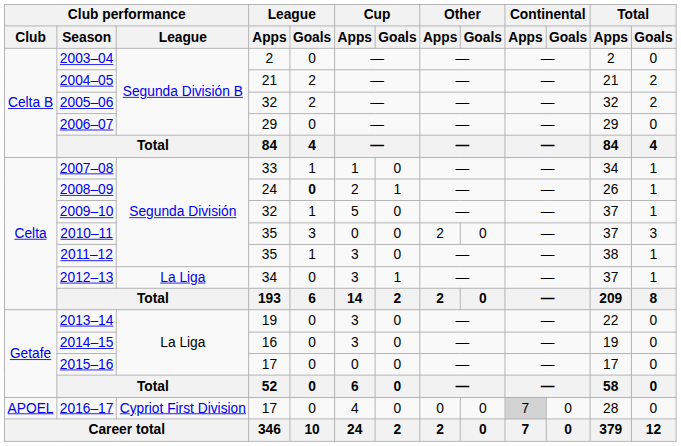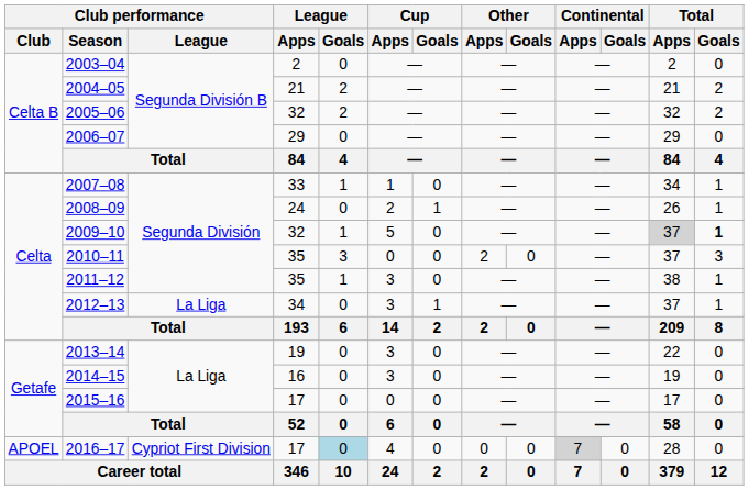 <table class="wikitable" style="text-align:center">
 <tr>
 <th colspan=3>Club performance</th>
 <th colspan=2>League</th>
 <th colspan=2>Cup</th>
 <th colspan=2>Other</th>
 <th colspan=2>Continental</th>
 <th colspan=2>Total</th>
 </tr>
 <tr>
 <th>Club</th>
 <th>Season</th>
 <th>League</th>
 <th>Apps</th>
 <th>Goals</th>
 <th>Apps</th>
 <th>Goals</th>
 <th>Apps</th>
 <th>Goals</th>
 <th>Apps</th>
 <th>Goals</th>
 <th>Apps</th>
 <th>Goals</th>
 </tr>
 <tr>
 <td rowspan="5"><a href='#'>Celta B</a></td>
 <td><a href='#'>2003–04</a></td>
 <td rowspan="4"><a href='#'>Segunda División B</a></td>
 <td>2</td>
 <td>0</td>
 <td colspan="2">—</td>
 <td colspan="2">—</td>
 <td colspan="2">—</td>
 <td>2</td>
 <td>0</td>
 </tr>
 <tr>
 <td><a href='#'>2004–05</a></td>
 <td>21</td>
 <td>2</td>
 <td colspan="2">—</td>
 <td colspan="2">—</td>
 <td colspan="2">—</td>
 <td>21</td>
 <td>2</td>
 </tr>
 <tr>
 <td><a href='#'>2005–06</a></td>
 <td>32</td>
 <td>2</td>
 <td colspan="2">—</td>
 <td colspan="2">—</td>
 <td colspan="2">—</td>
 <td>32</td>
 <td>2</td>
 </tr>
 <tr>
 <td><a href='#'>2006–07</a></td>
 <td>29</td>
 <td>0</td>
 <td colspan="2">—</td>
 <td colspan="2">—</td>
 <td colspan="2">—</td>
 <td>29</td>
 <td>0</td>
 </tr>
 <tr>
 <th colspan="2">Total</th>
 <th>84</th>
 <th>4</th>
 <th colspan=2>—</th>
 <th colspan=2>—</th>
 <th colspan=2>—</th>
 <th>84</th>
 <th>4</th>
 </tr>
 <tr>
 <td rowspan="7"><a href='#'>Celta</a></td>
 <td><a href='#'>2007–08</a></td>
 <td rowspan="5"><a href='#'>Segunda División</a></td>
 <td>33</td>
 <td>1</td>
 <td>1</td>
 <td>0</td>
 <td colspan="2">—</td>
 <td colspan="2">—</td>
 <td>34</td>
 <td>1</td>
 </tr>
 <tr>
 <td><a href='#'>2008–09</a></td>
 <td>24</td>
-<td><strong>0</strong></td>
+<td>0</td>
 <td>2</td>
 <td>1</td>
 <td colspan="2">—</td>
 <td colspan="2">—</td>
 <td>26</td>
 <td>1</td>
 </tr>
 <tr>
 <td><a href='#'>2009–10</a></td>
 <td>32</td>
 <td>1</td>
 <td>5</td>
 <td>0</td>
 <td colspan="2">—</td>
 <td colspan="2">—</td>
-<td>37</td>
-<td>1</td>
+<td style="background: lightgrey;">37</td>
+<td><strong>1</strong></td>
 </tr>
 <tr>
 <td><a href='#'>2010–11</a></td>
 <td>35</td>
 <td>3</td>
 <td>0</td>
 <td>0</td>
 <td>2</td>
 <td>0</td>
 <td colspan="2">—</td>
 <td>37</td>
 <td>3</td>
 </tr>
 <tr>
 <td><a href='#'>2011–12</a></td>
 <td>35</td>
 <td>1</td>
 <td>3</td>
 <td>0</td>
 <td colspan="2">—</td>
 <td colspan="2">—</td>
 <td>38</td>
 <td>1</td>
 </tr>
 <tr>
 <td><a href='#'>2012–13</a></td>
 <td><a href='#'>La Liga</a></td>
 <td>34</td>
 <td>0</td>
 <td>3</td>
 <td>1</td>
 <td colspan="2">—</td>
 <td colspan="2">—</td>
 <td>37</td>
 <td>1</td>
 </tr>
 <tr>
 <th colspan="2">Total</th>
 <th>193</th>
 <th>6</th>
 <th>14</th>
 <th>2</th>
 <th>2</th>
 <th>0</th>
 <th colspan="2">—</th>
 <th>209</th>
 <th>8</th>
 </tr>
 <tr>
 <td rowspan="4"><a href='#'>Getafe</a></td>
 <td><a href='#'>2013–14</a></td>
 <td rowspan="3">La Liga</td>
 <td>19</td>
 <td>0</td>
 <td>3</td>
 <td>0</td>
 <td colspan="2">—</td>
 <td colspan="2">—</td>
 <td>22</td>
 <td>0</td>
 </tr>
 <tr>
 <td><a href='#'>2014–15</a></td>
 <td>16</td>
 <td>0</td>
 <td>3</td>
 <td>0</td>
 <td colspan="2">—</td>
 <td colspan="2">—</td>
 <td>19</td>
 <td>0</td>
 </tr>
 <tr>
 <td><a href='#'>2015–16</a></td>
 <td>17</td>
 <td>0</td>
 <td>0</td>
 <td>0</td>
 <td colspan="2">—</td>
 <td colspan="2">—</td>
 <td>17</td>
 <td>0</td>
 </tr>
 <tr>
 <th colspan="2">Total</th>
 <th>52</th>
 <th>0</th>
 <th>6</th>
 <th>0</th>
 <th colspan=2>—</th>
 <th colspan=2>—</th>
 <th>58</th>
 <th>0</th>
 </tr>
 <tr>
 <td><a href='#'>APOEL</a></td>
 <td><a href='#'>2016–17</a></td>
 <td><a href='#'>Cypriot First Division</a></td>
 <td>17</td>
-<td>0</td>
+<td style="background: lightblue;">0</td>
 <td>4</td>
 <td>0</td>
 <td>0</td>
 <td>0</td>
 <td style="background: lightgrey;">7</td>
 <td>0</td>
 <td>28</td>
 <td>0</td>
 </tr>
 <tr>
 <th colspan=3>Career total</th>
 <th>346</th>
 <th>10</th>
 <th>24</th>
 <th>2</th>
 <th>2</th>
 <th>0</th>
 <th>7</th>
 <th>0</th>
 <th>379</th>
 <th>12</th>
 </tr>
 </table>
